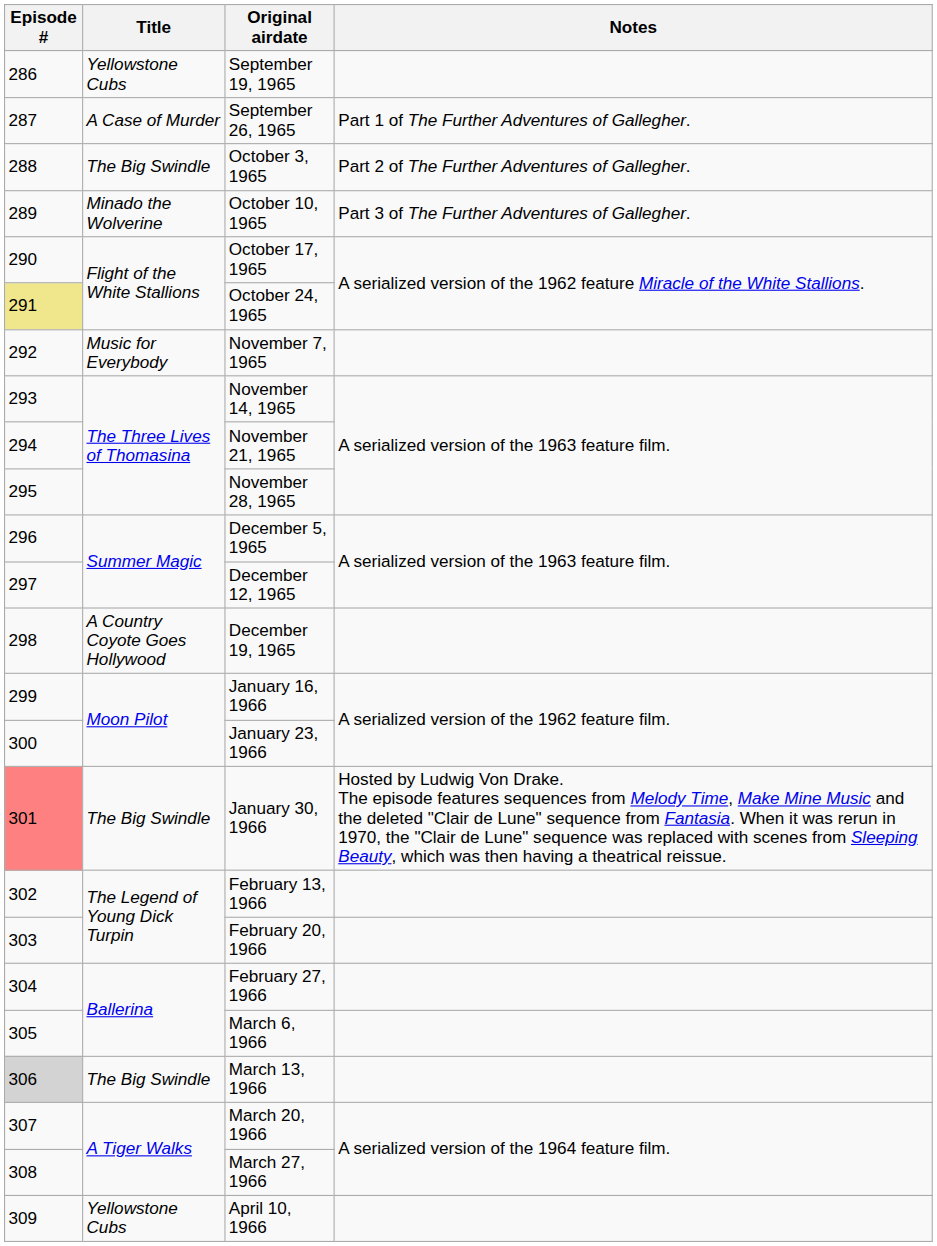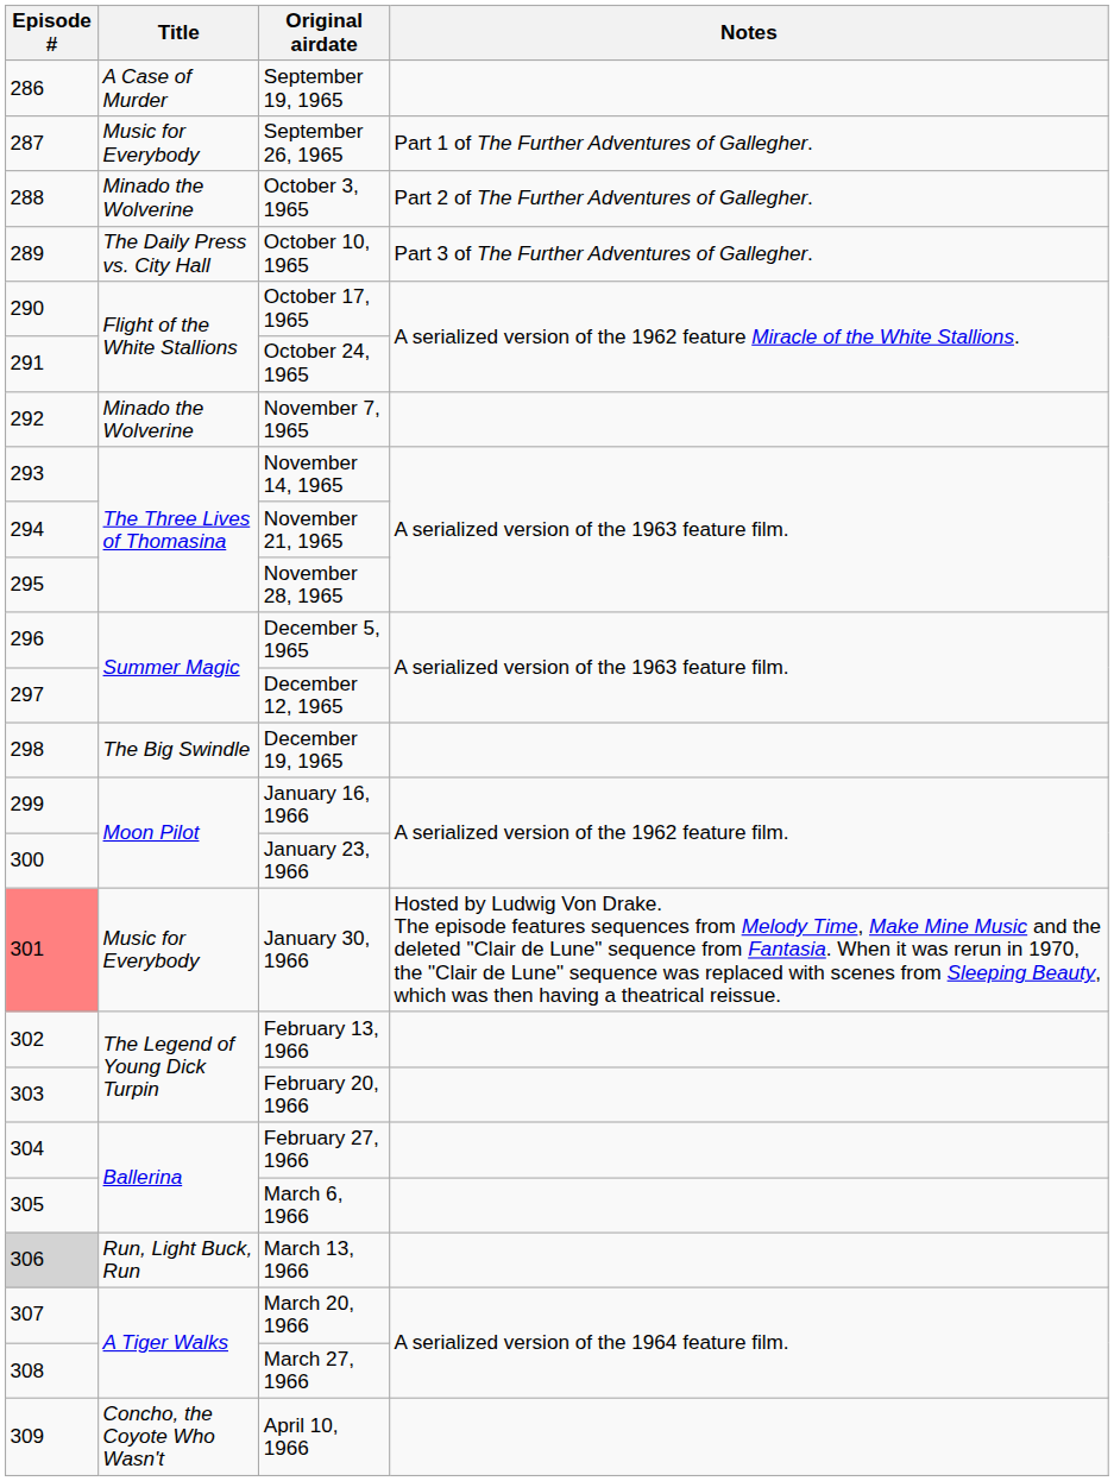 <table class="wikitable sortable">
 <tr>
 <th>Episode #</th>
 <th>Title</th>
 <th>Original airdate</th>
 <th>Notes</th>
 </tr>
 <tr>
 <td>286</td>
-<td><em>Yellowstone Cubs</em></td>
+<td><em>A Case of Murder</em></td>
 <td>September 19, 1965</td>
 <td></td>
 </tr>
 <tr>
 <td>287</td>
-<td><em>A Case of Murder</em></td>
+<td><em>Music for Everybody</em></td>
 <td>September 26, 1965</td>
 <td>Part 1 of <em>The Further Adventures of Gallegher</em>.</td>
 </tr>
 <tr>
 <td>288</td>
-<td><em>The Big Swindle</em></td>
+<td><em>Minado the Wolverine</em></td>
 <td>October 3, 1965</td>
 <td>Part 2 of <em>The Further Adventures of Gallegher</em>.</td>
 </tr>
 <tr>
 <td>289</td>
-<td><em>Minado the Wolverine</em></td>
+<td><em>The Daily Press vs. City Hall</em></td>
 <td>October 10, 1965</td>
 <td>Part 3 of <em>The Further Adventures of Gallegher</em>.</td>
 </tr>
 <tr>
 <td>290</td>
 <td rowspan="2"><em>Flight of the White Stallions</em></td>
 <td>October 17, 1965</td>
 <td rowspan="2">A serialized version of the 1962 feature <em><a href='#'>Miracle of the White Stallions</a></em>.</td>
 </tr>
 <tr>
-<td style="background: khaki;">291</td>
+<td>291</td>
 <td>October 24, 1965</td>
 </tr>
 <tr>
 <td>292</td>
-<td><em>Music for Everybody</em></td>
+<td><em>Minado the Wolverine</em></td>
 <td>November 7, 1965</td>
 <td></td>
 </tr>
 <tr>
 <td>293</td>
 <td rowspan="3"><em><a href='#'>The Three Lives of Thomasina</a></em></td>
 <td>November 14, 1965</td>
 <td rowspan="3">A serialized version of the 1963 feature film.</td>
 </tr>
 <tr>
 <td>294</td>
 <td>November 21, 1965</td>
 </tr>
 <tr>
 <td>295</td>
 <td>November 28, 1965</td>
 </tr>
 <tr>
 <td>296</td>
 <td rowspan="2"><em><a href='#'>Summer Magic</a></em></td>
 <td>December 5, 1965</td>
 <td rowspan="2">A serialized version of the 1963 feature film.</td>
 </tr>
 <tr>
 <td>297</td>
 <td>December 12, 1965</td>
 </tr>
 <tr>
 <td>298</td>
-<td><em>A Country Coyote Goes Hollywood</em></td>
+<td><em>The Big Swindle</em></td>
 <td>December 19, 1965</td>
 <td></td>
 </tr>
 <tr>
 <td>299</td>
 <td rowspan="2"><em><a href='#'>Moon Pilot</a></em></td>
 <td>January 16, 1966</td>
 <td rowspan="2">A serialized version of the 1962 feature film.</td>
 </tr>
 <tr>
 <td>300</td>
 <td>January 23, 1966</td>
 </tr>
 <tr>
 <td style="background:#ff8080;">301</td>
-<td><em>The Big Swindle</em></td>
+<td><em>Music for Everybody</em></td>
 <td>January 30, 1966</td>
 <td>Hosted by Ludwig Von Drake.<br>The episode features sequences from <em><a href='#'>Melody Time</a></em>, <em><a href='#'>Make Mine Music</a></em> and the deleted "Clair de Lune" sequence from <em><a href='#'>Fantasia</a></em>. When it was rerun in 1970, the "Clair de Lune" sequence was replaced with scenes from <em><a href='#'>Sleeping Beauty</a></em>, which was then having a theatrical reissue.</td>
 </tr>
 <tr>
 <td>302</td>
 <td rowspan="2"><em>The Legend of Young Dick Turpin</em></td>
 <td>February 13, 1966</td>
 <td></td>
 </tr>
 <tr>
 <td>303</td>
 <td>February 20, 1966</td>
 <td></td>
 </tr>
 <tr>
 <td>304</td>
 <td rowspan="2"><em><a href='#'>Ballerina</a></em></td>
 <td>February 27, 1966</td>
 <td></td>
 </tr>
 <tr>
 <td>305</td>
 <td>March 6, 1966</td>
 <td></td>
 </tr>
 <tr>
 <td style="background: lightgrey;">306</td>
-<td><em>The Big Swindle</em></td>
+<td><em>Run, Light Buck, Run</em></td>
 <td>March 13, 1966</td>
 <td></td>
 </tr>
 <tr>
 <td>307</td>
 <td rowspan="2"><em><a href='#'>A Tiger Walks</a></em></td>
 <td>March 20, 1966</td>
 <td rowspan="2">A serialized version of the 1964 feature film.</td>
 </tr>
 <tr>
 <td>308</td>
 <td>March 27, 1966</td>
 </tr>
 <tr>
 <td>309</td>
-<td><em>Yellowstone Cubs</em></td>
+<td><em>Concho, the Coyote Who Wasn't</em></td>
 <td>April 10, 1966</td>
 <td></td>
 </tr>
 </table>
